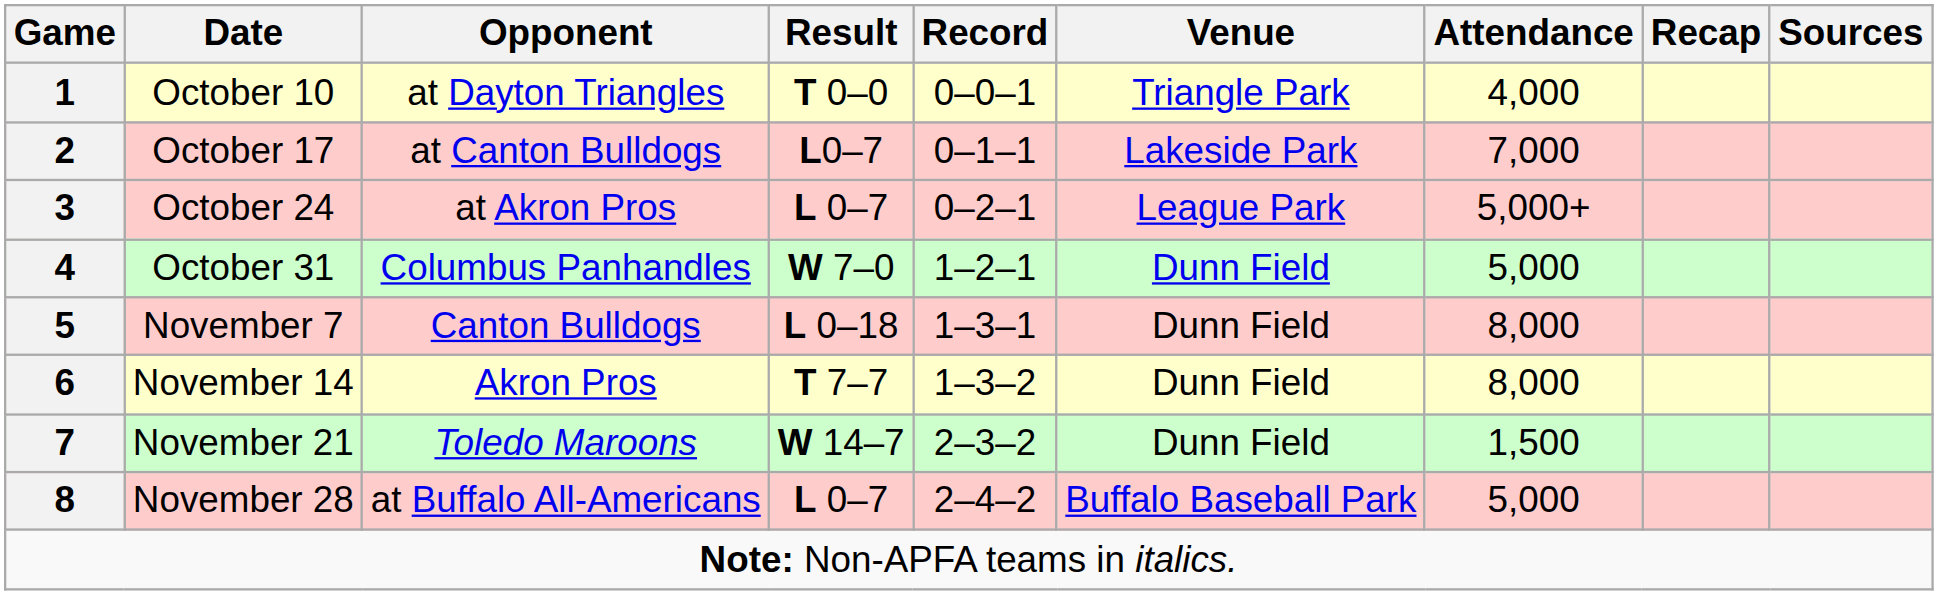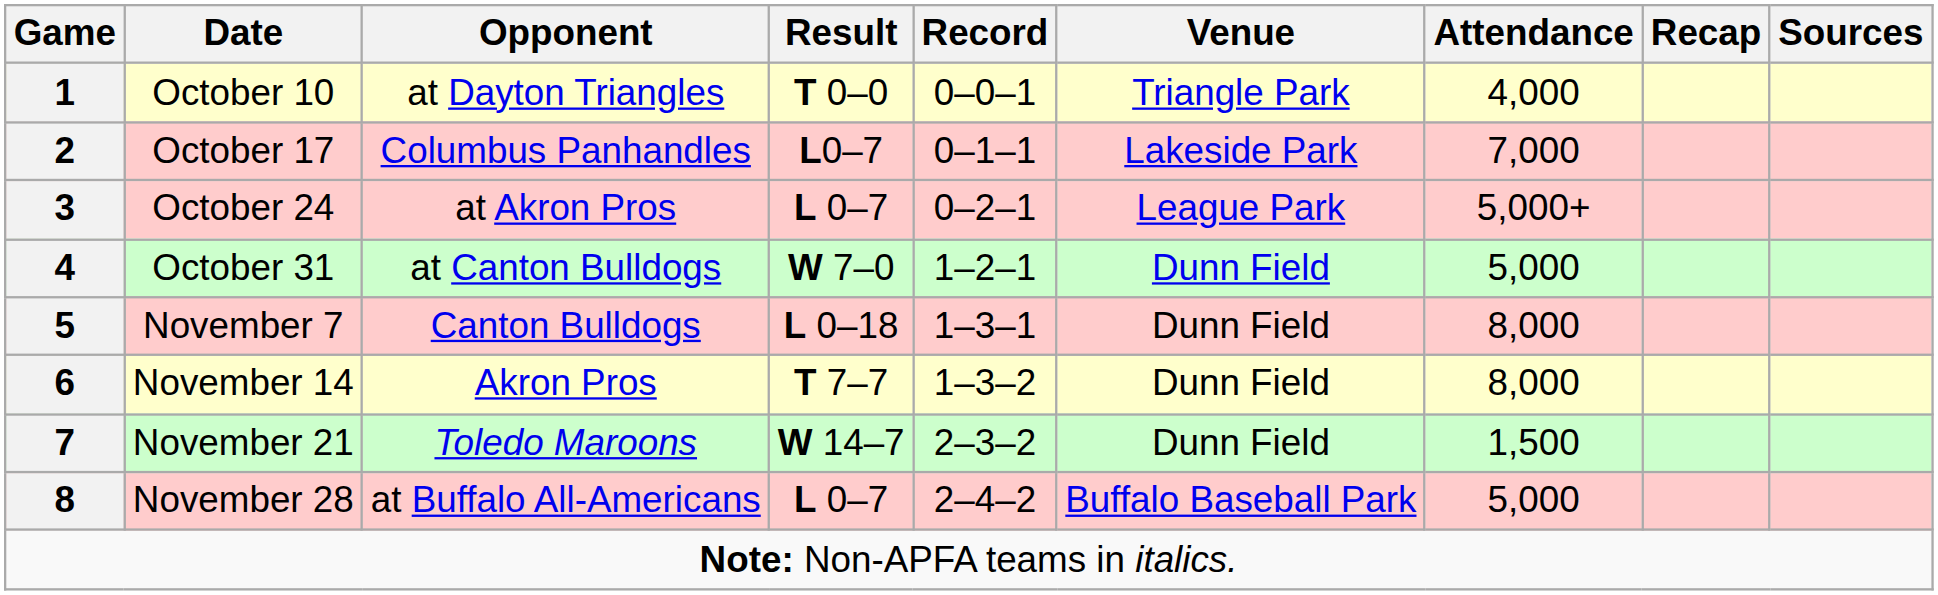 <table class="wikitable" style="text-align:center">
 <tr>
 <th>Game</th>
 <th>Date</th>
 <th>Opponent</th>
 <th>Result</th>
 <th>Record</th>
 <th>Venue</th>
 <th>Attendance</th>
 <th>Recap</th>
 <th>Sources</th>
 </tr>
 <tr style="background:#ffc">
 <th>1</th>
 <td>October 10</td>
 <td>at <a href='#'>Dayton Triangles</a></td>
 <td><strong>T</strong> 0–0</td>
 <td>0–0–1</td>
 <td><a href='#'>Triangle Park</a></td>
 <td>4,000</td>
 <td></td>
 <td></td>
 </tr>
 <tr style="background:#fcc">
 <th>2</th>
 <td>October 17</td>
-<td>at <a href='#'>Canton Bulldogs</a></td>
+<td><a href='#'>Columbus Panhandles</a></td>
 <td><strong>L</strong>0–7</td>
 <td>0–1–1</td>
 <td><a href='#'>Lakeside Park</a></td>
 <td>7,000</td>
 <td></td>
 <td></td>
 </tr>
 <tr style="background:#fcc">
 <th>3</th>
 <td>October 24</td>
 <td>at <a href='#'>Akron Pros</a></td>
 <td><strong>L</strong> 0–7</td>
 <td>0–2–1</td>
 <td><a href='#'>League Park</a></td>
 <td>5,000+</td>
 <td></td>
 <td></td>
 </tr>
 <tr style="background:#cfc">
 <th>4</th>
 <td>October 31</td>
-<td><a href='#'>Columbus Panhandles</a></td>
+<td>at <a href='#'>Canton Bulldogs</a></td>
 <td><strong>W</strong> 7–0</td>
 <td>1–2–1</td>
 <td><a href='#'>Dunn Field</a></td>
 <td>5,000</td>
 <td></td>
 <td></td>
 </tr>
 <tr style="background:#fcc">
 <th>5</th>
 <td>November 7</td>
 <td><a href='#'>Canton Bulldogs</a></td>
 <td><strong>L</strong> 0–18</td>
 <td>1–3–1</td>
 <td>Dunn Field</td>
 <td>8,000</td>
 <td></td>
 <td></td>
 </tr>
 <tr style="background:#ffc">
 <th>6</th>
 <td>November 14</td>
 <td><a href='#'>Akron Pros</a></td>
 <td><strong>T</strong> 7–7</td>
 <td>1–3–2</td>
 <td>Dunn Field</td>
 <td>8,000</td>
 <td></td>
 <td></td>
 </tr>
 <tr style="background:#cfc">
 <th>7</th>
 <td>November 21</td>
 <td><em><a href='#'>Toledo Maroons</a></em></td>
 <td><strong>W</strong> 14–7</td>
 <td>2–3–2</td>
 <td>Dunn Field</td>
 <td>1,500</td>
 <td></td>
 <td></td>
 </tr>
 <tr style="background:#fcc">
 <th>8</th>
 <td>November 28</td>
 <td>at <a href='#'>Buffalo All-Americans</a></td>
 <td><strong>L</strong> 0–7</td>
 <td>2–4–2</td>
 <td><a href='#'>Buffalo Baseball Park</a></td>
 <td>5,000</td>
 <td></td>
 <td></td>
 </tr>
 <tr>
 <td colspan="10"><strong>Note:</strong> Non-APFA teams in <em>italics.</em></td>
 </tr>
 </table>
